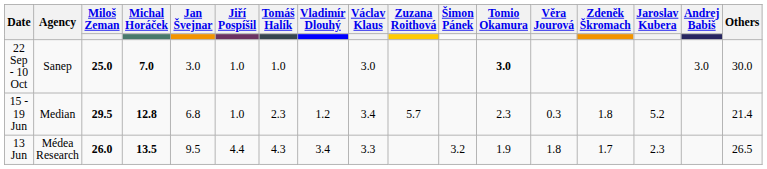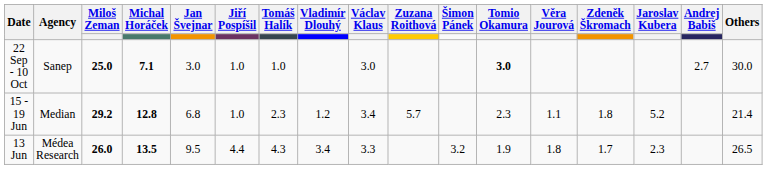 <table class="wikitable collapsible collapsed" style=text-align:center;font-size:85%;line-height:14px;">
 <tr>
 <th rowspan="2">Date</th>
 <th rowspan="2">Agency</th>
 <th><a href='#'>Miloš Zeman</a></th>
 <th><a href='#'>Michal Horáček</a></th>
 <th><a href='#'>Jan Švejnar</a></th>
 <th><a href='#'>Jiří Pospíšil</a></th>
 <th><a href='#'>Tomáš Halík</a></th>
 <th><a href='#'>Vladimír Dlouhý</a></th>
 <th><a href='#'>Václav Klaus</a></th>
 <th><a href='#'>Zuzana Roithová</a></th>
 <th><a href='#'>Šimon Pánek</a></th>
 <th><a href='#'>Tomio Okamura</a></th>
 <th><a href='#'>Věra Jourová</a></th>
 <th><a href='#'>Zdeněk Škromach</a></th>
 <th><a href='#'>Jaroslav Kubera</a></th>
 <th><a href='#'>Andrej Babiš</a></th>
 <th rowspan="2">Others</th>
 </tr>
 <tr>
 <th style="background:"></th>
 <th style="background:#49796B; width:40px;"></th>
 <th style="background:#F29400; width:40px;"></th>
 <th style="background:#6b3362; width:40px;"></th>
 <th style="background:#36454F; width:40px;"></th>
 <th style="background:#0000FF; width:40px;"></th>
 <th style="background:"></th>
 <th style="background:#FFCB03; width:40px;"></th>
 <th style="background:#0000; width:40px;"></th>
 <th style="background:"></th>
 <th style="background:"></th>
 <th style="background:#F29400; width:40px;"></th>
 <th style="background:"></th>
 <th style="background:#272660; width:40px;"></th>
 </tr>
 <tr>
 <td>22 Sep - 10 Oct</td>
 <td>Sanep</td>
 <td><strong>25.0</strong></td>
-<td><strong>7.0</strong></td>
+<td><strong>7.1</strong></td>
 <td>3.0</td>
 <td>1.0</td>
 <td>1.0</td>
 <td></td>
 <td>3.0</td>
 <td></td>
 <td></td>
 <td><strong>3.0</strong></td>
 <td></td>
 <td></td>
 <td></td>
-<td>3.0</td>
+<td>2.7</td>
 <td>30.0</td>
 </tr>
 <tr>
 <td>15 - 19 Jun</td>
 <td>Median</td>
-<td><strong>29.5</strong></td>
+<td><strong>29.2</strong></td>
 <td><strong>12.8</strong></td>
 <td>6.8</td>
 <td>1.0</td>
 <td>2.3</td>
 <td>1.2</td>
 <td>3.4</td>
 <td>5.7</td>
 <td></td>
 <td>2.3</td>
-<td>0.3</td>
+<td>1.1</td>
 <td>1.8</td>
 <td>5.2</td>
 <td></td>
 <td>21.4</td>
 </tr>
 <tr>
 <td>13 Jun</td>
 <td>Médea Research</td>
 <td><strong>26.0</strong></td>
 <td><strong>13.5</strong></td>
 <td>9.5</td>
 <td>4.4</td>
 <td>4.3</td>
 <td>3.4</td>
 <td>3.3</td>
 <td></td>
 <td>3.2</td>
 <td>1.9</td>
 <td>1.8</td>
 <td>1.7</td>
 <td>2.3</td>
 <td></td>
 <td>26.5</td>
 </tr>
 </table>
